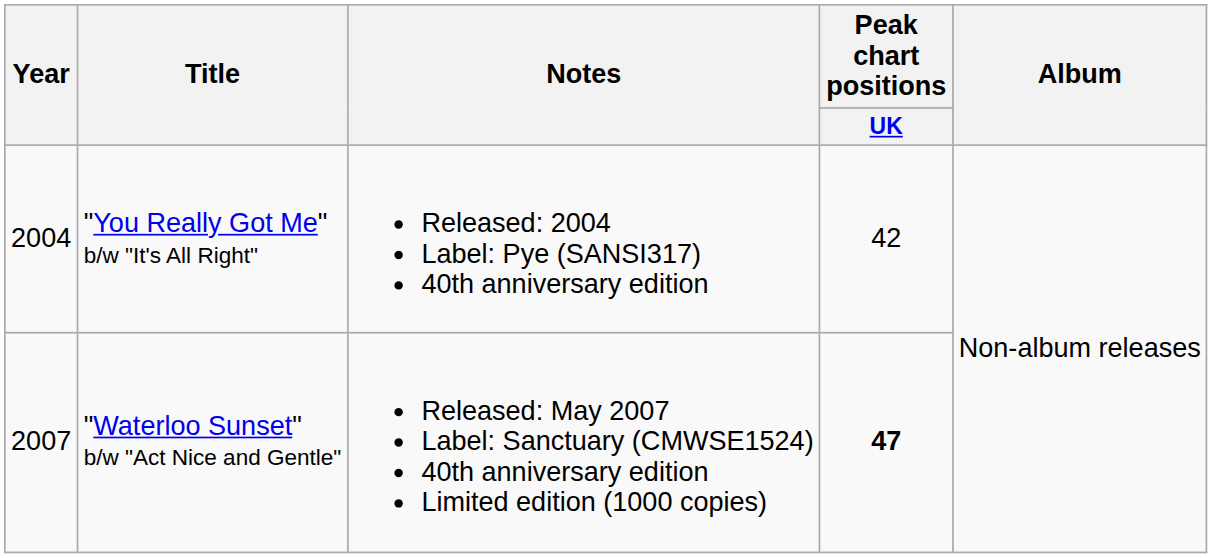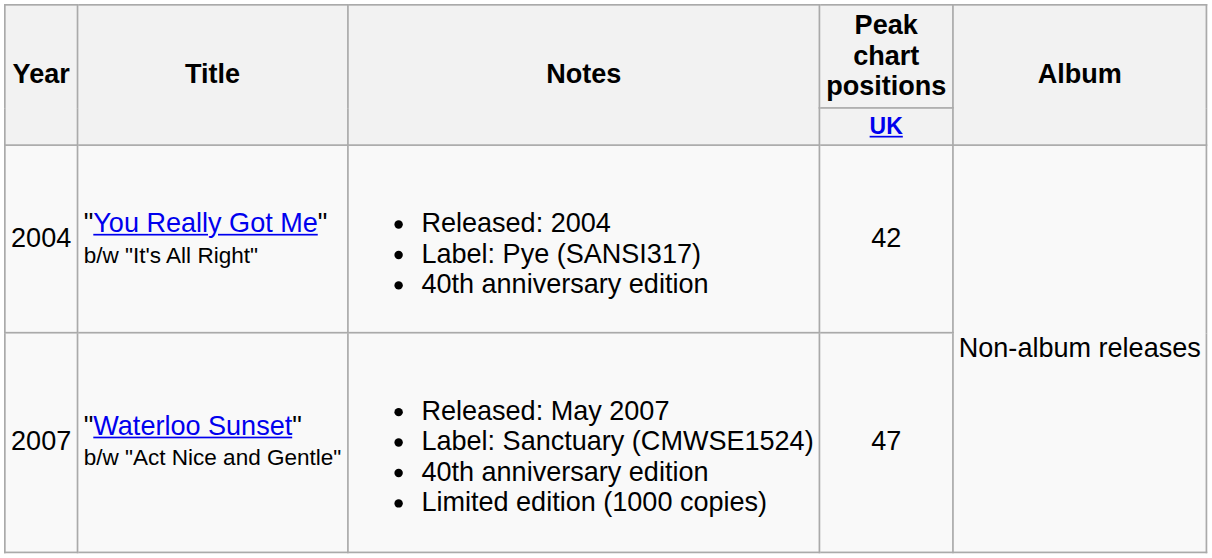 <table class="wikitable">
 <tr>
 <th scope="col" rowspan="2">Year</th>
 <th scope="col" rowspan="2">Title</th>
 <th scope="col" rowspan="2">Notes</th>
 <th scope="col" colspan="1">Peak chart positions</th>
 <th scope="col" rowspan="2">Album</th>
 </tr>
 <tr>
 <th scope="col" style="width:3em;font-size:85%"><a href='#'>UK</a><br></th>
 </tr>
 <tr>
 <td>2004</td>
 <td>"<a href='#'>You Really Got Me</a>" <br><small>b/w "It's All Right"</small></td>
 <td><br><ul><li>Released: 2004</li><li>Label: Pye (SANSI317)</li><li>40th anniversary edition</li></ul></td>
 <td align="center">42</td>
 <td rowspan="2">Non-album releases</td>
 </tr>
 <tr>
 <td>2007</td>
 <td>"<a href='#'>Waterloo Sunset</a>" <br><small>b/w "Act Nice and Gentle"</small></td>
 <td><br><ul><li>Released: May 2007</li><li>Label: Sanctuary (CMWSE1524)</li><li>40th anniversary edition</li><li>Limited edition (1000 copies)</li></ul></td>
-<td align="center"><strong>47</strong></td>
+<td align="center">47</td>
 </tr>
 </table>
